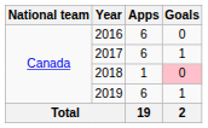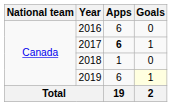 <table class="wikitable" style="text-align: center;">
 <tr>
 <th>National team</th>
 <th>Year</th>
 <th>Apps</th>
 <th>Goals</th>
 </tr>
 <tr>
 <td rowspan="4"><a href='#'>Canada</a></td>
 <td>2016</td>
 <td>6</td>
 <td>0</td>
 </tr>
 <tr>
 <td>2017</td>
-<td>6</td>
+<td><strong>6</strong></td>
 <td>1</td>
 </tr>
 <tr>
 <td>2018</td>
 <td>1</td>
-<td style="background: pink;">0</td>
+<td>0</td>
 </tr>
 <tr>
 <td>2019</td>
 <td>6</td>
-<td>1</td>
+<td style="background: lightyellow;">1</td>
 </tr>
 <tr>
 <th colspan="2">Total</th>
 <th>19</th>
 <th>2</th>
 </tr>
 </table>
